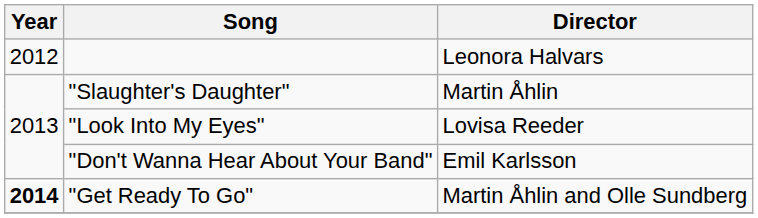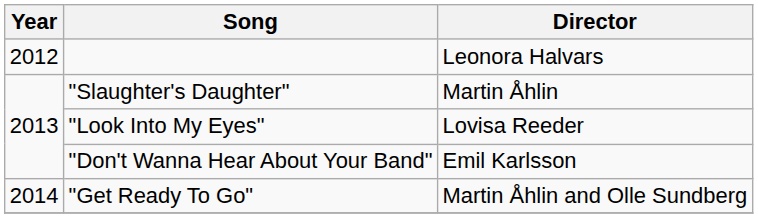 <table class="wikitable">
 <tr>
 <th>Year</th>
 <th>Song</th>
 <th>Director</th>
 </tr>
 <tr>
 <td>2012</td>
 <td></td>
 <td>Leonora Halvars</td>
 </tr>
 <tr>
 <td rowspan="3">2013</td>
 <td>"Slaughter's Daughter"</td>
 <td>Martin Åhlin</td>
 </tr>
 <tr>
 <td>"Look Into My Eyes"</td>
 <td>Lovisa Reeder</td>
 </tr>
 <tr>
 <td>"Don't Wanna Hear About Your Band"</td>
 <td>Emil Karlsson</td>
 </tr>
 <tr>
-<td rowspan="1"><strong>2014</strong></td>
+<td rowspan="1">2014</td>
 <td>"Get Ready To Go"</td>
 <td>Martin Åhlin and Olle Sundberg</td>
 </tr>
 <tr>
 </tr>
 </table>
